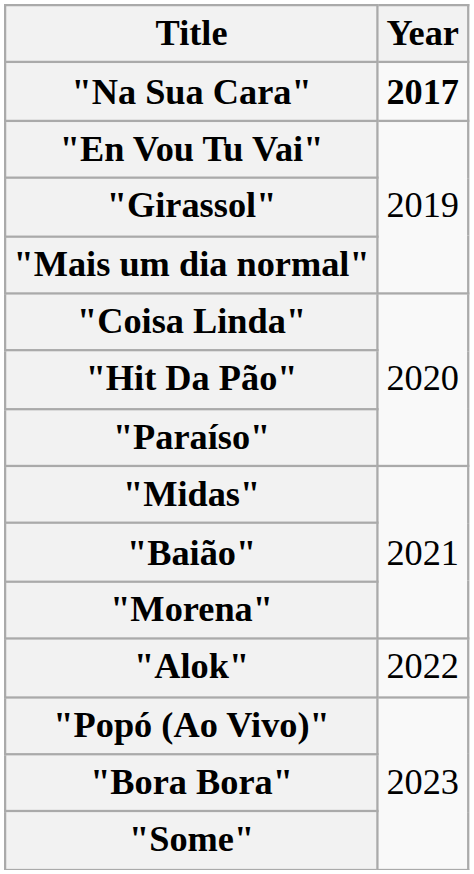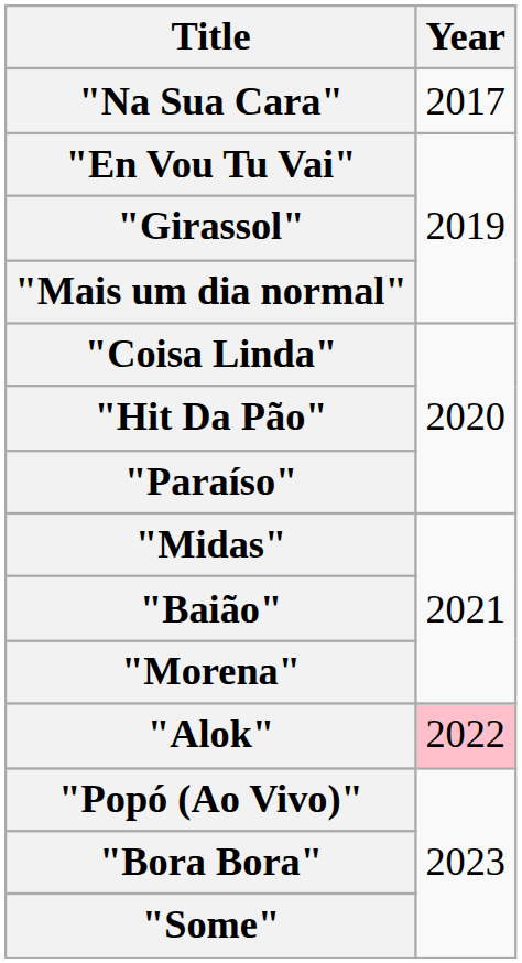 <table class="wikitable plainrowheaders" style="text-align:center;">
 <tr>
 <th scope="col" rowspan="1">Title</th>
 <th scope="col" rowspan="1">Year</th>
 </tr>
 <tr>
 <th scope="row">"Na Sua Cara"<br></th>
-<td><strong>2017</strong></td>
+<td>2017</td>
 </tr>
 <tr>
 <th scope="row">"En Vou Tu Vai"<br></th>
 <td rowspan="3">2019</td>
 </tr>
 <tr>
 <th scope="row">"Girassol"<br></th>
 </tr>
 <tr>
 <th scope="row">"Mais um dia normal"</th>
 </tr>
 <tr>
 <th scope="row">"Coisa Linda"<br></th>
 <td rowspan="3">2020</td>
 </tr>
 <tr>
 <th scope="row">"Hit Da Pão"<br></th>
 </tr>
 <tr>
 <th scope="row">"Paraíso"<br></th>
 </tr>
 <tr>
 <th scope="row">"Midas"</th>
 <td rowspan="3">2021</td>
 </tr>
 <tr>
 <th scope="row">"Baião"<br></th>
 </tr>
 <tr>
 <th scope="row">"Morena"<br></th>
 </tr>
 <tr>
 <th scope="row">"Alok"</th>
-<td>2022</td>
+<td style="background: pink;">2022</td>
 </tr>
 <tr>
 <th scope="row">"Popó (Ao Vivo)"<br></th>
 <td rowspan="3">2023</td>
 </tr>
 <tr>
 <th scope="row">"Bora Bora"</th>
 </tr>
 <tr>
 <th scope="row">"Some"<br></th>
 </tr>
 </table>
